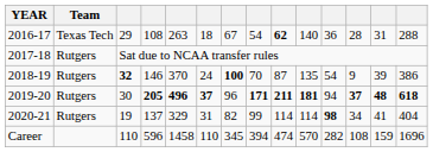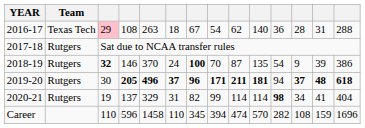 <table class="wikitable">
 <tr>
 <th>YEAR</th>
 <th>Team</th>
 <th></th>
 <th></th>
 <th></th>
 <th></th>
 <th></th>
 <th></th>
 <th></th>
 <th></th>
 <th></th>
 <th></th>
 <th></th>
 <th></th>
 </tr>
 <tr>
 <td>2016-17</td>
 <td>Texas Tech</td>
-<td>29</td>
+<td style="background: pink;">29</td>
 <td>108</td>
 <td>263</td>
 <td>18</td>
 <td>67</td>
 <td>54</td>
-<td><strong>62</strong></td>
+<td>62</td>
 <td>140</td>
 <td>36</td>
 <td>28</td>
 <td>31</td>
 <td>288</td>
 </tr>
 <tr>
 <td>2017-18</td>
 <td>Rutgers</td>
 <td colspan="12">Sat due to NCAA transfer rules</td>
 </tr>
 <tr>
 <td>2018-19</td>
 <td>Rutgers</td>
 <td><strong>32</strong></td>
 <td>146</td>
 <td>370</td>
 <td>24</td>
 <td><strong>100</strong></td>
 <td>70</td>
 <td>87</td>
 <td>135</td>
 <td>54</td>
 <td>9</td>
 <td>39</td>
 <td>386</td>
 </tr>
 <tr>
 <td>2019-20</td>
 <td>Rutgers</td>
 <td>30</td>
 <td><strong>205</strong></td>
 <td><strong>496</strong></td>
 <td><strong>37</strong></td>
-<td>96</td>
+<td><strong>96</strong></td>
 <td><strong>171</strong></td>
 <td><strong>211</strong></td>
 <td><strong>181</strong></td>
 <td>94</td>
 <td><strong>37</strong></td>
 <td><strong>48</strong></td>
 <td><strong>618</strong></td>
 </tr>
 <tr>
 <td>2020-21</td>
 <td>Rutgers</td>
 <td>19</td>
 <td>137</td>
 <td>329</td>
 <td>31</td>
 <td>82</td>
 <td>99</td>
 <td>114</td>
 <td>114</td>
 <td><strong>98</strong></td>
 <td>34</td>
 <td>41</td>
 <td>404</td>
 </tr>
 <tr>
 <td>Career</td>
 <td></td>
 <td>110</td>
 <td>596</td>
 <td>1458</td>
 <td>110</td>
 <td>345</td>
 <td>394</td>
 <td>474</td>
 <td>570</td>
 <td>282</td>
 <td>108</td>
 <td>159</td>
 <td>1696</td>
 </tr>
 </table>
